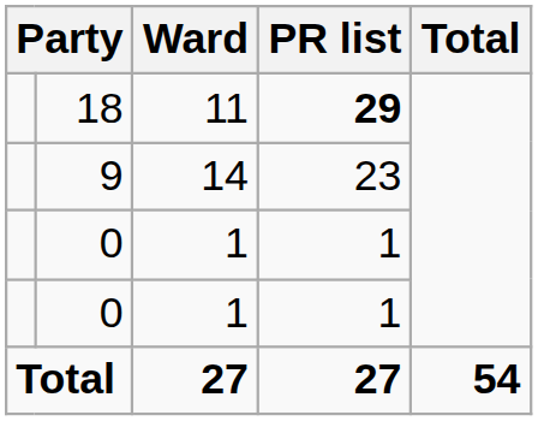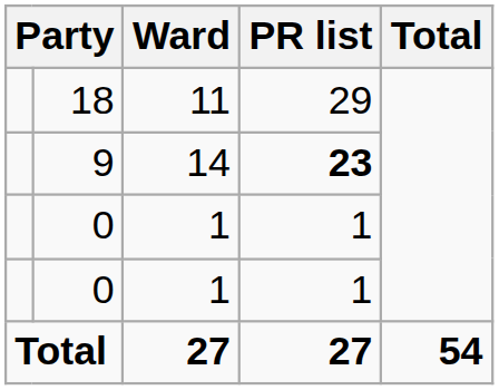 <table class=wikitable style="text-align:right">
 <tr>
 <th colspan=2>Party</th>
 <th>Ward</th>
 <th>PR list</th>
 <th>Total</th>
 </tr>
 <tr>
 <td></td>
 <td>18</td>
 <td>11</td>
-<td><strong>29</strong></td>
+<td>29</td>
 </tr>
 <tr>
 <td></td>
 <td>9</td>
 <td>14</td>
-<td>23</td>
+<td><strong>23</strong></td>
 </tr>
 <tr>
 <td></td>
 <td>0</td>
 <td>1</td>
 <td>1</td>
 </tr>
 <tr>
 <td></td>
 <td>0</td>
 <td>1</td>
 <td>1</td>
 </tr>
 <tr>
 <td colspan="2" style="text-align:left"><strong>Total</strong></td>
 <td><strong>27</strong></td>
 <td><strong>27</strong></td>
 <td><strong>54</strong></td>
 </tr>
 </table>
